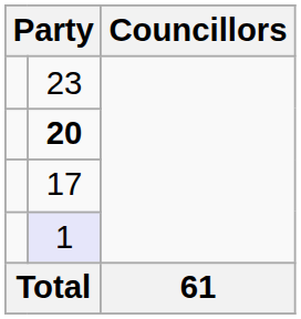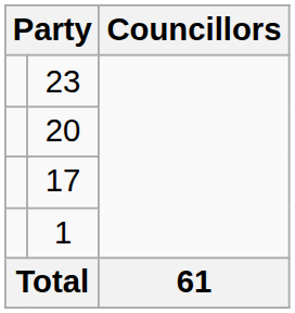 <table class="wikitable">
 <tr>
 <th colspan=2>Party</th>
 <th>Councillors</th>
 </tr>
 <tr>
 <td></td>
 <td align=center>23</td>
 </tr>
 <tr>
 <td></td>
-<td align=center><strong>20</strong></td>
+<td align=center>20</td>
 </tr>
 <tr>
 <td></td>
 <td align=center>17</td>
 </tr>
 <tr>
 <td></td>
-<td align=center style="background: lavender;">1</td>
+<td align=center>1</td>
 </tr>
 <tr>
 <th colspan=2>Total</th>
 <th align=center>61</th>
 </tr>
 </table>
